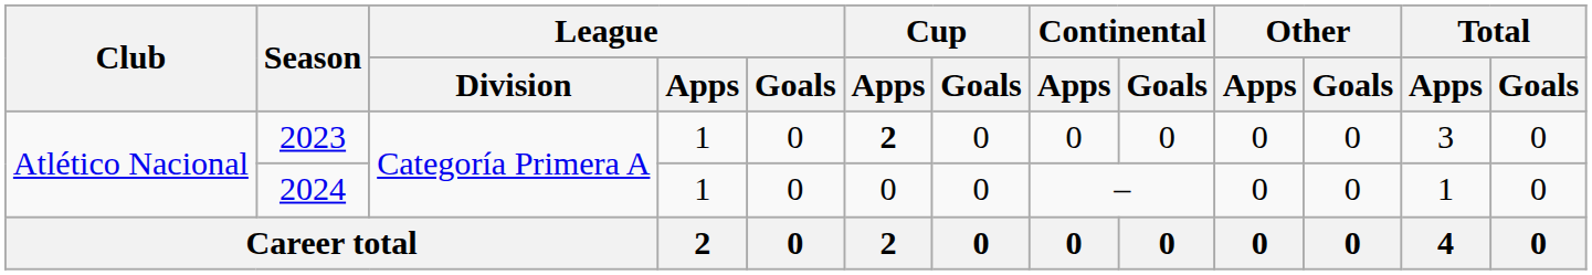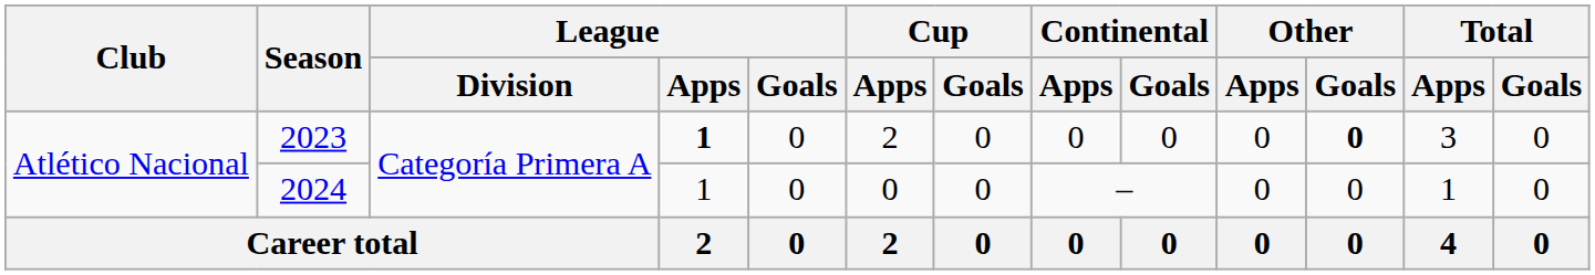 <table class=wikitable style=text-align:center>
 <tr>
 <th rowspan="2">Club</th>
 <th rowspan="2">Season</th>
 <th colspan="3">League</th>
 <th colspan="2">Cup</th>
 <th colspan="2">Continental</th>
 <th colspan="2">Other</th>
 <th colspan="2">Total</th>
 </tr>
 <tr>
 <th>Division</th>
 <th>Apps</th>
 <th>Goals</th>
 <th>Apps</th>
 <th>Goals</th>
 <th>Apps</th>
 <th>Goals</th>
 <th>Apps</th>
 <th>Goals</th>
 <th>Apps</th>
 <th>Goals</th>
 </tr>
 <tr>
 <td rowspan="2"><a href='#'>Atlético Nacional</a></td>
 <td><a href='#'>2023</a></td>
 <td rowspan="2"><a href='#'>Categoría Primera A</a></td>
-<td>1</td>
+<td><strong>1</strong></td>
 <td>0</td>
-<td><strong>2</strong></td>
+<td>2</td>
 <td>0</td>
 <td>0</td>
 <td>0</td>
 <td>0</td>
-<td>0</td>
+<td><strong>0</strong></td>
 <td>3</td>
 <td>0</td>
 </tr>
 <tr>
 <td><a href='#'>2024</a></td>
 <td>1</td>
 <td>0</td>
 <td>0</td>
 <td>0</td>
 <td colspan="2">–</td>
 <td>0</td>
 <td>0</td>
 <td>1</td>
 <td>0</td>
 </tr>
 <tr>
 <th colspan="3"><strong>Career total</strong></th>
 <th>2</th>
 <th>0</th>
 <th>2</th>
 <th>0</th>
 <th>0</th>
 <th>0</th>
 <th>0</th>
 <th>0</th>
 <th>4</th>
 <th>0</th>
 </tr>
 </table>
